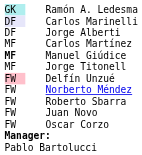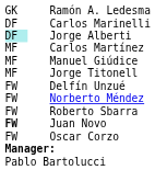 <table cellspacing="0" cellpadding="0" style="font-size:90%; margin:0.2em auto;">
 <tr>
 <th width="25"></th>
 <th width="25"></th>
 </tr>
 <tr>
-<td style="background: paleturquoise;">GK</td>
+<td>GK</td>
 <td></td>
 <td> Ramón A. Ledesma</td>
 </tr>
 <tr>
-<td style="background: lavender;">DF</td>
+<td>DF</td>
 <td></td>
 <td> Carlos Marinelli</td>
 </tr>
 <tr>
-<td>DF</td>
+<td style="background: paleturquoise;">DF</td>
 <td></td>
 <td> Jorge Alberti</td>
 </tr>
 <tr>
 <td>MF</td>
 <td></td>
 <td> Carlos Martínez</td>
 </tr>
 <tr>
-<td><strong>MF</strong></td>
+<td>MF</td>
 <td></td>
 <td> Manuel Giúdice</td>
 </tr>
 <tr>
 <td>MF</td>
 <td></td>
 <td> Jorge Titonell</td>
 </tr>
 <tr>
-<td style="background: pink;">FW</td>
+<td>FW</td>
 <td></td>
 <td> Delfín Unzué</td>
 </tr>
 <tr>
 <td>FW</td>
 <td></td>
 <td> <a href='#'>Norberto Méndez</a></td>
 </tr>
 <tr>
 <td>FW</td>
 <td></td>
 <td> Roberto Sbarra</td>
 </tr>
 <tr>
-<td>FW</td>
+<td><strong>FW</strong></td>
 <td></td>
 <td> Juan Novo</td>
 </tr>
 <tr>
 <td>FW</td>
 <td></td>
 <td> Oscar Corzo</td>
 </tr>
 <tr>
 <td colspan=4><strong>Manager:</strong></td>
 </tr>
 <tr>
 <td colspan="4"> Pablo Bartolucci</td>
 </tr>
 </table>
